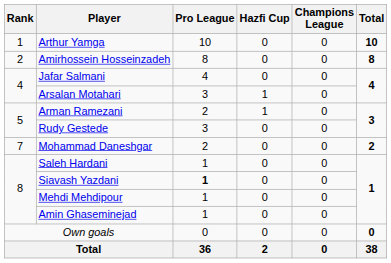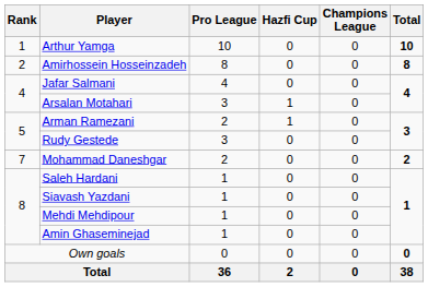 <table class="wikitable" style="text-align: center;">
 <tr>
 <th>Rank</th>
 <th>Player</th>
 <th>Pro League</th>
 <th>Hazfi Cup</th>
 <th>Champions<br>League</th>
 <th>Total</th>
 </tr>
 <tr>
 <td rowspan=1>1</td>
 <td align=left> <a href='#'>Arthur Yamga</a></td>
 <td>10</td>
 <td>0</td>
 <td>0</td>
 <td rowspan=1><strong>10</strong></td>
 </tr>
 <tr>
 <td rowspan=1>2</td>
 <td align=left> <a href='#'>Amirhossein Hosseinzadeh</a></td>
 <td>8</td>
 <td>0</td>
 <td>0</td>
 <td rowspan=1><strong>8</strong></td>
 </tr>
 <tr>
 <td rowspan=2>4</td>
 <td align=left> <a href='#'>Jafar Salmani</a></td>
 <td>4</td>
 <td>0</td>
 <td>0</td>
 <td rowspan=2><strong>4</strong></td>
 </tr>
 <tr>
 <td align=left> <a href='#'>Arsalan Motahari</a></td>
 <td>3</td>
 <td>1</td>
 <td>0</td>
 </tr>
 <tr>
 <td rowspan=2>5</td>
 <td align=left> <a href='#'>Arman Ramezani</a></td>
 <td>2</td>
 <td>1</td>
 <td>0</td>
 <td rowspan=2><strong>3</strong></td>
 </tr>
 <tr>
 <td align=left> <a href='#'>Rudy Gestede</a></td>
 <td>3</td>
 <td>0</td>
 <td>0</td>
 </tr>
 <tr>
 <td rowspan=1>7</td>
 <td align=left> <a href='#'>Mohammad Daneshgar</a></td>
 <td>2</td>
 <td>0</td>
 <td>0</td>
 <td rowspan=1><strong>2</strong></td>
 </tr>
 <tr>
 <td rowspan=4>8</td>
 <td align=left> <a href='#'>Saleh Hardani</a></td>
 <td>1</td>
 <td>0</td>
 <td>0</td>
 <td rowspan=4><strong>1</strong></td>
 </tr>
 <tr>
 <td align=left> <a href='#'>Siavash Yazdani</a></td>
-<td><strong>1</strong></td>
+<td>1</td>
 <td>0</td>
 <td>0</td>
 </tr>
 <tr>
 <td align=left> <a href='#'>Mehdi Mehdipour</a></td>
 <td>1</td>
 <td>0</td>
 <td>0</td>
 </tr>
 <tr>
 <td align=left> <a href='#'>Amin Ghaseminejad</a></td>
 <td>1</td>
 <td>0</td>
 <td>0</td>
 </tr>
 <tr>
 <td colspan=2 align=center><em>Own goals</em></td>
 <td>0</td>
 <td>0</td>
 <td>0</td>
 <td><strong>0</strong></td>
 </tr>
 <tr>
 <th colspan=2>Total</th>
 <th>36</th>
 <th>2</th>
 <th>0</th>
 <th>38</th>
 </tr>
 </table>
